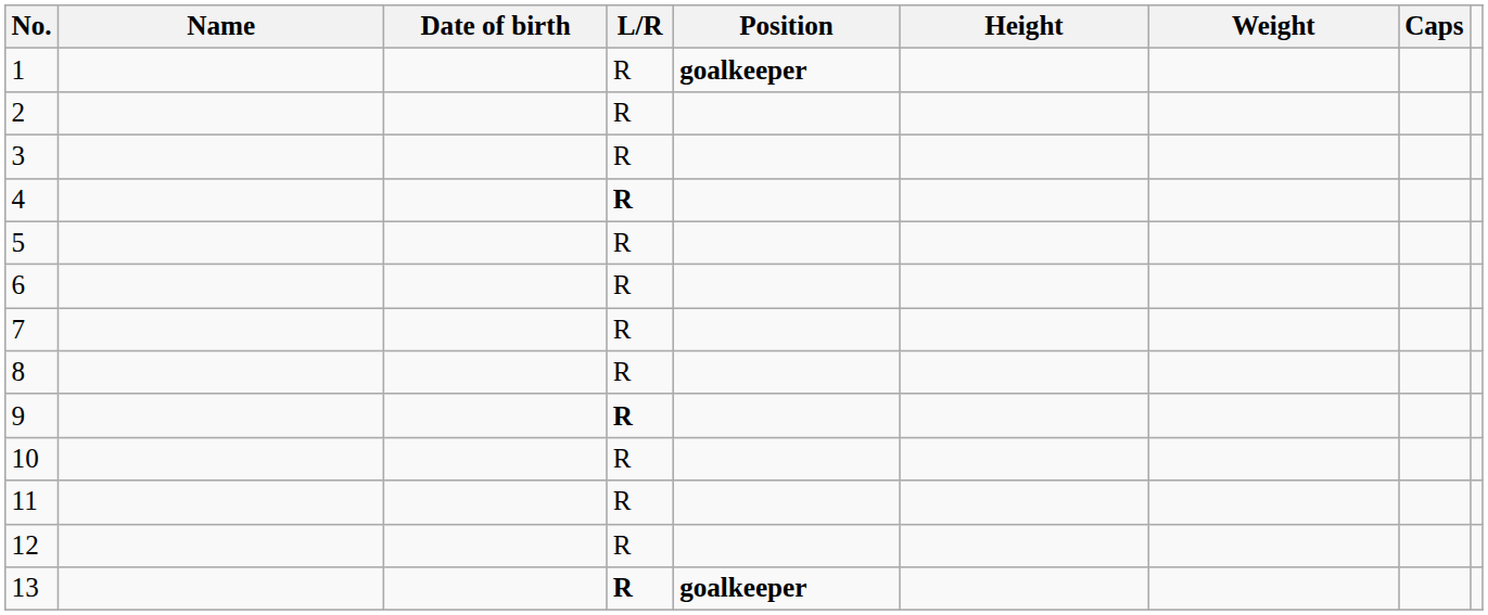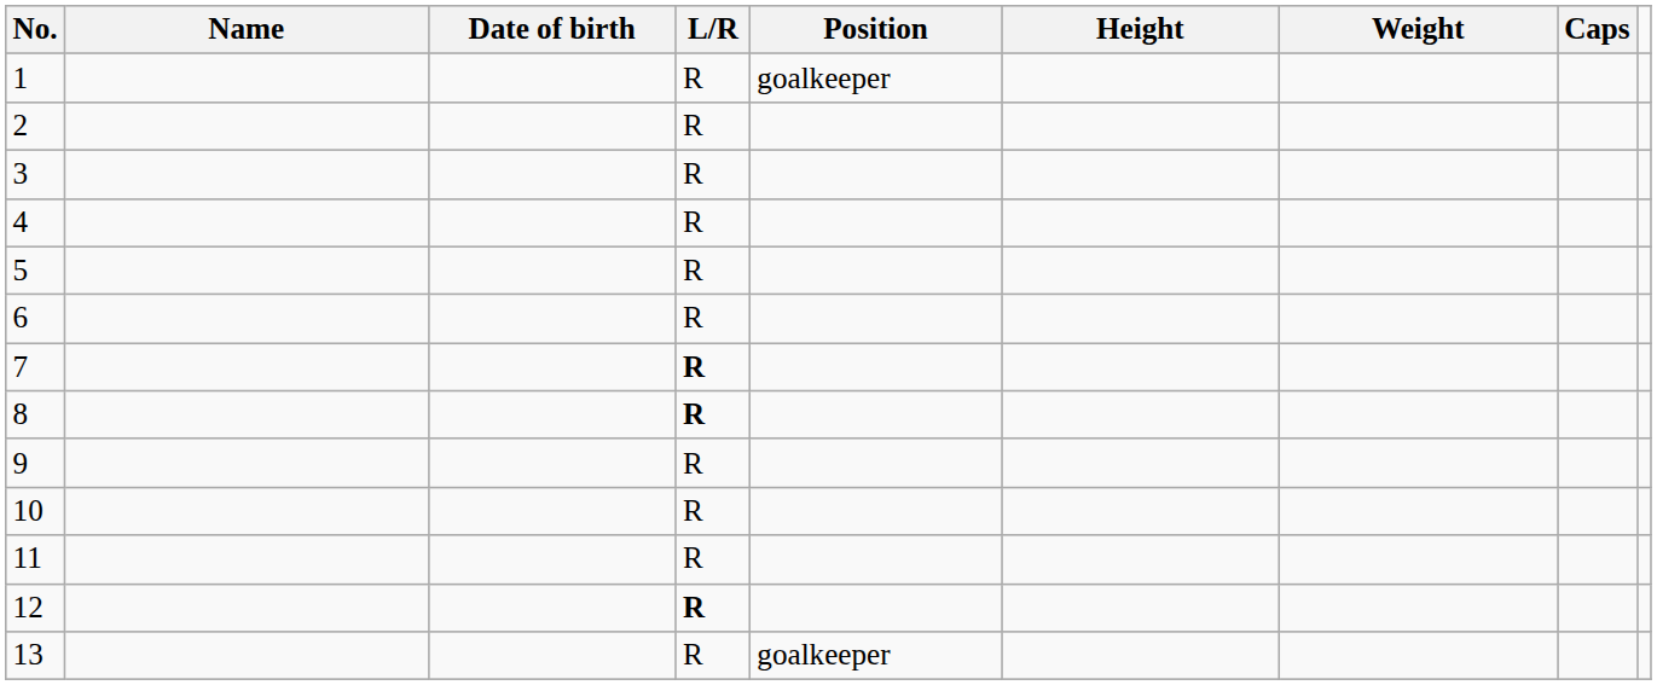 <table class=wikitable sortable style=font-size:100%; text-align:center;>
 <tr>
 <th>No.</th>
 <th style=width:12em>Name</th>
 <th style=width:8em>Date of birth</th>
 <th style=width:2em>L/R</th>
 <th style=width:8em>Position</th>
 <th style=width:9em>Height</th>
 <th style=width:9em>Weight</th>
 <th>Caps</th>
 </tr>
 <tr>
 <td>1</td>
 <td align=left></td>
 <td></td>
 <td>R</td>
-<td><strong>goalkeeper</strong></td>
+<td>goalkeeper</td>
 <td></td>
 <td></td>
 <td></td>
 <td></td>
 </tr>
 <tr>
 <td>2</td>
 <td align=left></td>
 <td></td>
 <td>R</td>
 <td></td>
 <td></td>
 <td></td>
 <td></td>
 <td></td>
 </tr>
 <tr>
 <td>3</td>
 <td align=left></td>
 <td></td>
 <td>R</td>
 <td></td>
 <td></td>
 <td></td>
 <td></td>
 <td></td>
 </tr>
 <tr>
 <td>4</td>
 <td align=left></td>
 <td></td>
-<td><strong>R</strong></td>
+<td>R</td>
 <td></td>
 <td></td>
 <td></td>
 <td></td>
 <td></td>
 </tr>
 <tr>
 <td>5</td>
 <td align=left></td>
 <td></td>
 <td>R</td>
 <td></td>
 <td></td>
 <td></td>
 <td></td>
 <td></td>
 </tr>
 <tr>
 <td>6</td>
 <td align=left></td>
 <td></td>
 <td>R</td>
 <td></td>
 <td></td>
 <td></td>
 <td></td>
 <td></td>
 </tr>
 <tr>
 <td>7</td>
 <td align=left></td>
 <td></td>
-<td>R</td>
+<td><strong>R</strong></td>
 <td></td>
 <td></td>
 <td></td>
 <td></td>
 <td></td>
 </tr>
 <tr>
 <td>8</td>
 <td align=left></td>
 <td></td>
-<td>R</td>
+<td><strong>R</strong></td>
 <td></td>
 <td></td>
 <td></td>
 <td></td>
 <td></td>
 </tr>
 <tr>
 <td>9</td>
 <td align=left></td>
 <td></td>
-<td><strong>R</strong></td>
+<td>R</td>
 <td></td>
 <td></td>
 <td></td>
 <td></td>
 <td></td>
 </tr>
 <tr>
 <td>10</td>
 <td align=left></td>
 <td></td>
 <td>R</td>
 <td></td>
 <td></td>
 <td></td>
 <td></td>
 <td></td>
 </tr>
 <tr>
 <td>11</td>
 <td align=left></td>
 <td></td>
 <td>R</td>
 <td></td>
 <td></td>
 <td></td>
 <td></td>
 <td></td>
 </tr>
 <tr>
 <td>12</td>
 <td align=left></td>
 <td></td>
-<td>R</td>
+<td><strong>R</strong></td>
 <td></td>
 <td></td>
 <td></td>
 <td></td>
 <td></td>
 </tr>
 <tr>
 <td>13</td>
 <td align=left></td>
 <td></td>
-<td><strong>R</strong></td>
-<td><strong>goalkeeper</strong></td>
+<td>R</td>
+<td>goalkeeper</td>
 <td></td>
 <td></td>
 <td></td>
 <td></td>
 </tr>
 </table>
